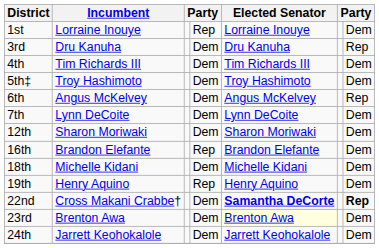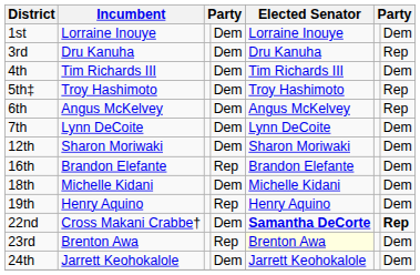 <table class="sortable wikitable" style="font-size:95%;line-height:14px;">
 <tr>
 <th class="unsortable">District</th>
 <th class="unsortable"><a href='#'>Incumbent</a></th>
 <th colspan="2">Party</th>
 <th class="unsortable">Elected Senator</th>
 <th colspan="2">Party</th>
 </tr>
 <tr>
 <td>1st</td>
 <td><a href='#'>Lorraine Inouye</a></td>
 <td style="background:"></td>
-<td>Rep</td>
+<td>Dem</td>
 <td><a href='#'>Lorraine Inouye</a></td>
 <td style="background:"></td>
 <td>Dem</td>
 </tr>
 <tr>
 <td>3rd</td>
 <td><a href='#'>Dru Kanuha</a></td>
 <td style="background:"></td>
 <td>Dem</td>
 <td><a href='#'>Dru Kanuha</a></td>
 <td style="background:"></td>
 <td>Rep</td>
 </tr>
 <tr>
 <td>4th</td>
 <td><a href='#'>Tim Richards III</a></td>
 <td style="background:"></td>
 <td>Dem</td>
 <td><a href='#'>Tim Richards III</a></td>
 <td style="background:"></td>
 <td>Dem</td>
 </tr>
 <tr>
 <td>5th‡</td>
 <td><a href='#'>Troy Hashimoto</a></td>
 <td style="background:"></td>
 <td>Dem</td>
 <td><a href='#'>Troy Hashimoto</a></td>
 <td style="background:"></td>
-<td>Dem</td>
+<td>Rep</td>
 </tr>
 <tr>
 <td>6th</td>
 <td><a href='#'>Angus McKelvey</a></td>
 <td style="background:"></td>
 <td>Dem</td>
 <td><a href='#'>Angus McKelvey</a></td>
 <td style="background:"></td>
 <td>Rep</td>
 </tr>
 <tr>
 <td>7th</td>
 <td><a href='#'>Lynn DeCoite</a></td>
 <td style="background:"></td>
 <td>Dem</td>
 <td><a href='#'>Lynn DeCoite</a></td>
 <td style="background:"></td>
 <td>Dem</td>
 </tr>
 <tr>
 <td>12th</td>
 <td><a href='#'>Sharon Moriwaki</a></td>
 <td style="background:"></td>
 <td>Dem</td>
 <td><a href='#'>Sharon Moriwaki</a></td>
 <td style="background:"></td>
 <td>Dem</td>
 </tr>
 <tr>
 <td>16th</td>
 <td><a href='#'>Brandon Elefante</a></td>
 <td style="background:"></td>
 <td>Rep</td>
 <td><a href='#'>Brandon Elefante</a></td>
 <td style="background:"></td>
 <td>Dem</td>
 </tr>
 <tr>
 <td>18th</td>
 <td><a href='#'>Michelle Kidani</a></td>
 <td style="background:"></td>
 <td>Dem</td>
 <td><a href='#'>Michelle Kidani</a></td>
 <td style="background:"></td>
 <td>Dem</td>
 </tr>
 <tr>
 <td>19th</td>
 <td><a href='#'>Henry Aquino</a></td>
 <td style="background:"></td>
 <td>Rep</td>
 <td><a href='#'>Henry Aquino</a></td>
 <td style="background:"></td>
 <td>Dem</td>
 </tr>
 <tr>
 <td>22nd</td>
 <td><a href='#'>Cross Makani Crabbe</a>†</td>
 <td style="background:"></td>
 <td>Dem</td>
 <td><strong><a href='#'>Samantha DeCorte</a></strong></td>
 <td style="background:"></td>
 <td><strong>Rep</strong></td>
 </tr>
 <tr>
 <td>23rd</td>
 <td><a href='#'>Brenton Awa</a></td>
 <td style="background:"></td>
-<td>Dem</td>
+<td>Rep</td>
 <td style="background: lightyellow;"><a href='#'>Brenton Awa</a></td>
 <td style="background:"></td>
 <td>Dem</td>
 </tr>
 <tr>
 <td>24th</td>
 <td><a href='#'>Jarrett Keohokalole</a></td>
 <td style="background:"></td>
 <td>Dem</td>
 <td><a href='#'>Jarrett Keohokalole</a></td>
 <td style="background:"></td>
 <td>Dem</td>
 </tr>
 <tr>
 </tr>
 </table>
